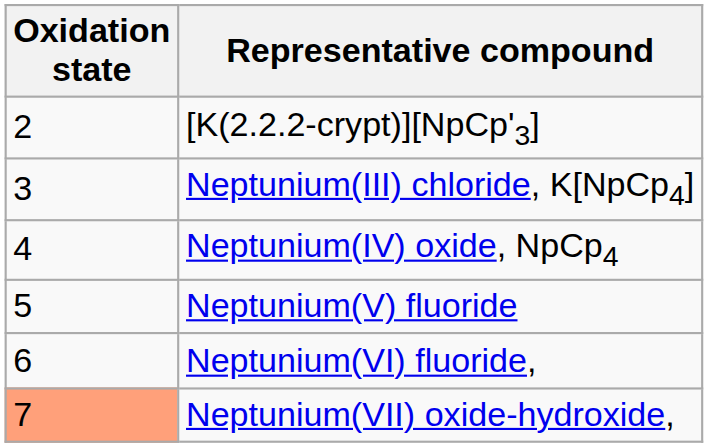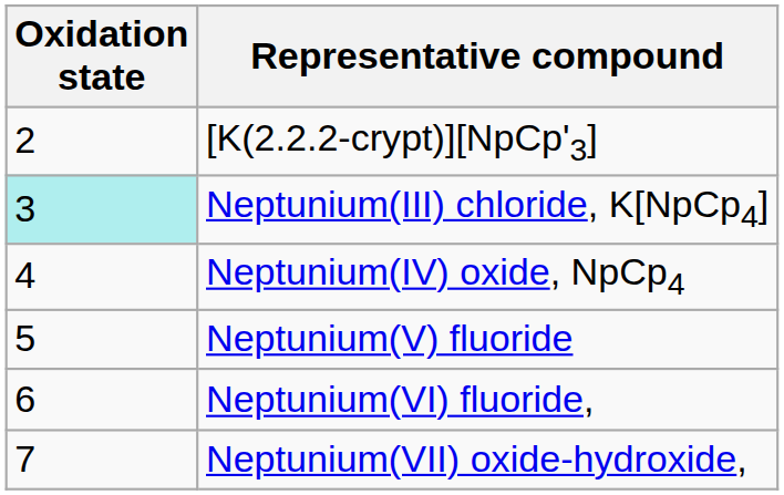 <table class="wikitable" style="float:right; clear:right; margin-left:1em; margin-top:0;">
 <tr>
 <th>Oxidation <br>state</th>
 <th>Representative compound</th>
 </tr>
 <tr>
 <td>2</td>
 <td>[K(2.2.2-crypt)][NpCp'<sub>3</sub>]</td>
 </tr>
 <tr>
-<td>3</td>
+<td style="background: paleturquoise;">3</td>
 <td><a href='#'>Neptunium(III) chloride</a>, K[NpCp<sub>4</sub>]</td>
 </tr>
 <tr>
 <td>4</td>
 <td><a href='#'>Neptunium(IV) oxide</a>, NpCp<sub>4</sub></td>
 </tr>
 <tr>
 <td>5</td>
 <td><a href='#'>Neptunium(V) fluoride</a></td>
 </tr>
 <tr>
 <td>6</td>
 <td><a href='#'>Neptunium(VI) fluoride</a>, </td>
 </tr>
 <tr>
-<td style="background: lightsalmon;">7</td>
+<td>7</td>
 <td><a href='#'>Neptunium(VII) oxide-hydroxide</a>, </td>
 </tr>
 </table>
